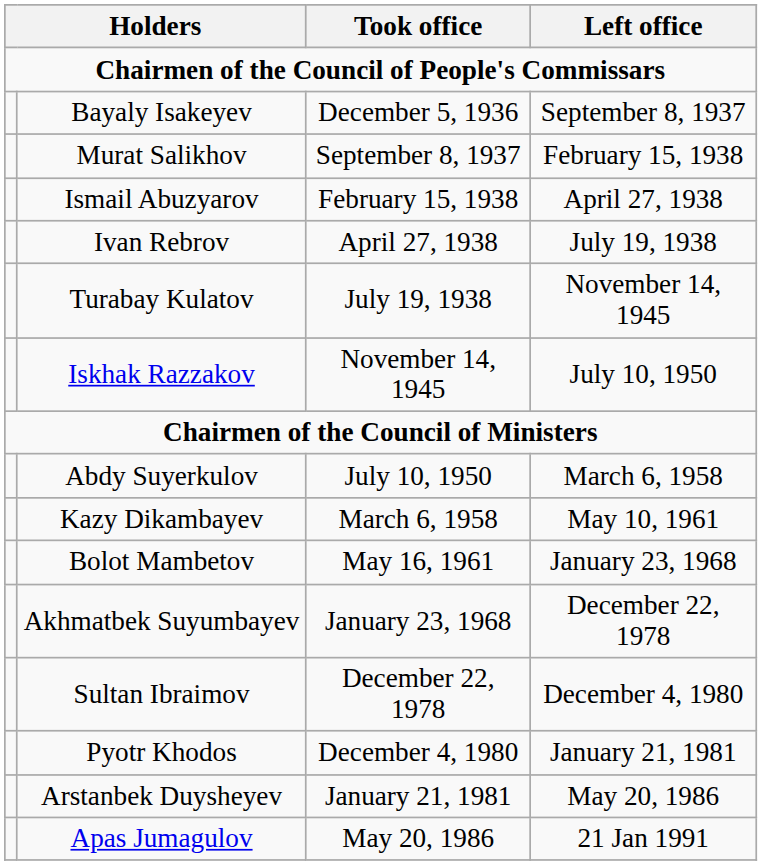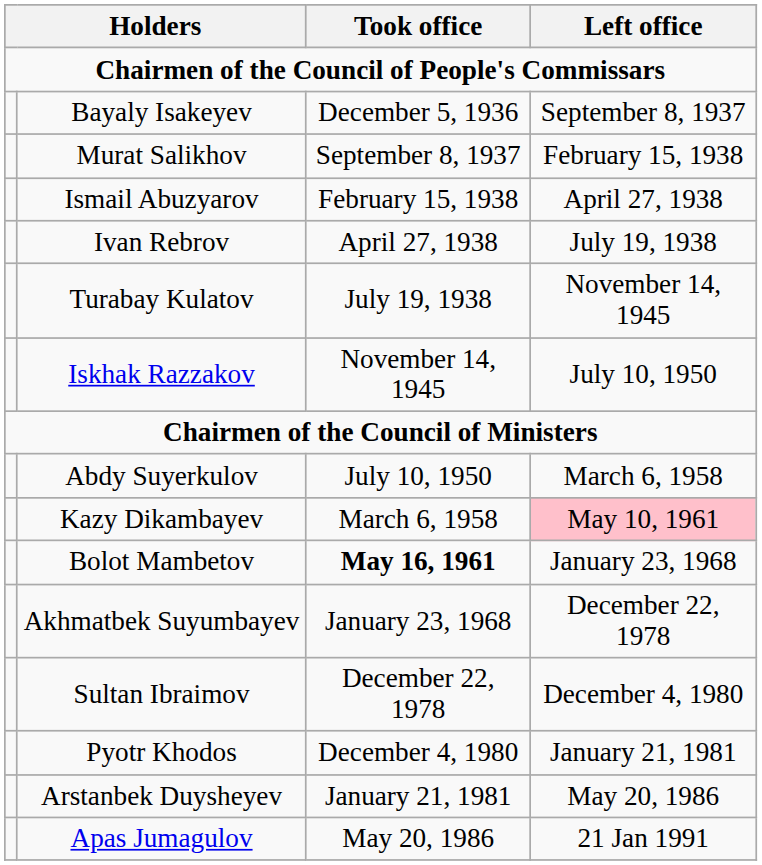 <table class="wikitable" style="text-align:center">
 <tr style="background:#cccccc">
 <th colspan="2" width="150">Holders</th>
 <th rowspan="1" width="125">Took office</th>
 <th rowspan="1" width="125">Left office</th>
 </tr>
 <tr>
 <td colspan="6" align=center><strong>Chairmen of the Council of People's Commissars</strong></td>
 </tr>
 <tr>
 <td rowspan="1" style="background-color: "></td>
 <td rowspan=1>Bayaly Isakeyev<br></td>
 <td rowspan=1>December 5, 1936<br></td>
 <td rowspan=1>September 8, 1937<br></td>
 </tr>
 <tr>
 <td rowspan="1" style="background-color: "></td>
 <td rowspan=1>Murat Salikhov<br></td>
 <td rowspan=1>September 8, 1937<br></td>
 <td rowspan=1>February 15, 1938<br></td>
 </tr>
 <tr>
 <td rowspan="1" style="background-color: "></td>
 <td rowspan=1>Ismail Abuzyarov<br></td>
 <td rowspan=1>February 15, 1938<br></td>
 <td rowspan=1>April 27, 1938<br></td>
 </tr>
 <tr>
 <td rowspan="1" style="background-color: "></td>
 <td rowspan=1>Ivan Rebrov<br></td>
 <td rowspan=1>April 27, 1938<br></td>
 <td rowspan=1>July 19, 1938<br></td>
 </tr>
 <tr>
 <td rowspan="1" style="background-color: "></td>
 <td rowspan=1>Turabay Kulatov<br></td>
 <td rowspan=1>July 19, 1938<br></td>
 <td rowspan=1>November 14, 1945<br></td>
 </tr>
 <tr>
 <td rowspan="1" style="background-color: "></td>
 <td rowspan=1><a href='#'>Iskhak Razzakov</a><br></td>
 <td rowspan=1>November 14, 1945<br></td>
 <td rowspan=1>July 10, 1950<br></td>
 </tr>
 <tr>
 <td colspan="6" align=center><strong>Chairmen of the Council of Ministers</strong></td>
 </tr>
 <tr>
 <td rowspan="1" style="background-color: "></td>
 <td rowspan=1>Abdy Suyerkulov <br></td>
 <td rowspan=1>July 10, 1950<br></td>
 <td rowspan=1>March 6, 1958<br></td>
 </tr>
 <tr>
 <td rowspan="1" style="background-color: "></td>
 <td rowspan=1>Kazy Dikambayev<br></td>
 <td rowspan=1>March 6, 1958<br></td>
-<td rowspan=1>May 10, 1961<br></td>
+<td rowspan=1 style="background: pink;">May 10, 1961<br></td>
 </tr>
 <tr>
 <td rowspan="1" style="background-color: "></td>
 <td rowspan=1>Bolot Mambetov<br></td>
-<td rowspan=1>May 16, 1961<br></td>
+<td rowspan=1><strong>May 16, 1961<br></strong></td>
 <td rowspan=1>January 23, 1968<br></td>
 </tr>
 <tr>
 <td rowspan="1" style="background-color: "></td>
 <td rowspan=1>Akhmatbek Suyumbayev<br></td>
 <td rowspan=1>January 23, 1968<br></td>
 <td rowspan=1>December 22, 1978<br></td>
 </tr>
 <tr>
 <td rowspan="1" style="background-color: "></td>
 <td rowspan=1>Sultan Ibraimov<br></td>
 <td rowspan=1>December 22, 1978<br></td>
 <td rowspan=1>December 4, 1980<br></td>
 </tr>
 <tr>
 <td rowspan="1" style="background-color: "></td>
 <td rowspan=1>Pyotr Khodos<br></td>
 <td rowspan=1>December 4, 1980<br></td>
 <td rowspan=1>January 21, 1981<br></td>
 </tr>
 <tr>
 <td rowspan="1" style="background-color: "></td>
 <td rowspan=1>Arstanbek Duysheyev<br></td>
 <td rowspan=1>January 21, 1981<br></td>
 <td rowspan=1>May 20, 1986<br></td>
 </tr>
 <tr>
 <td rowspan="1" style="background-color: "></td>
 <td rowspan=1><a href='#'>Apas Jumagulov</a><br></td>
 <td rowspan=1>May 20, 1986<br></td>
 <td rowspan=1>21 Jan 1991  <br></td>
 </tr>
 </table>
